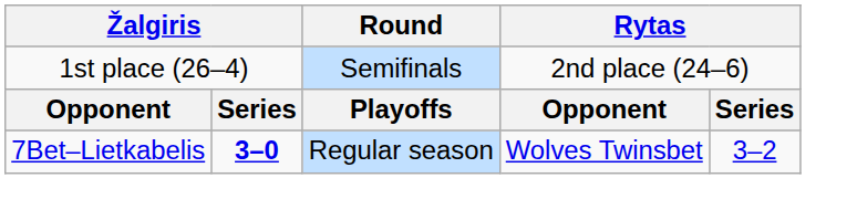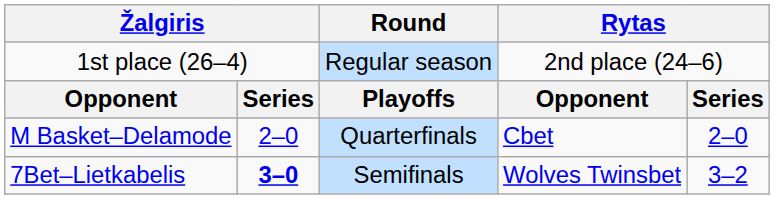 <table class="wikitable" style="text-align: center;">
 <tr>
 <th colspan="2"><a href='#'>Žalgiris</a></th>
 <th>Round</th>
 <th colspan="2"><a href='#'>Rytas</a></th>
 </tr>
 <tr>
 <td colspan="2" style="valign:top;">1st place (26–4)</td>
-<td style="background:#c1e0ff;">Semifinals</td>
+<td style="background:#c1e0ff;">Regular season</td>
 <td colspan="2" style="valign:top;">2nd place (24–6)</td>
 </tr>
 <tr>
 <th>Opponent</th>
 <th>Series</th>
 <th>Playoffs</th>
 <th>Opponent</th>
 <th>Series</th>
 </tr>
 <tr>
+<td style="text-align:left;"><a href='#'>M Basket–Delamode</a></td>
+<td><a href='#'>2–0</a></td>
+<td style="background:#c1e0ff;">Quarterfinals</td>
+<td style="text-align:left;"><a href='#'>Cbet</a></td>
+<td><a href='#'>2–0</a></td>
+</tr>
+<tr>
 <td style="text-align:left;"><a href='#'>7Bet–Lietkabelis</a></td>
 <td><strong><a href='#'>3–0</a></strong></td>
-<td style="background:#c1e0ff;">Regular season</td>
+<td style="background:#c1e0ff;">Semifinals</td>
 <td style="text-align:left;"><a href='#'>Wolves Twinsbet</a></td>
 <td><a href='#'>3–2</a></td>
 </tr>
 </table>
